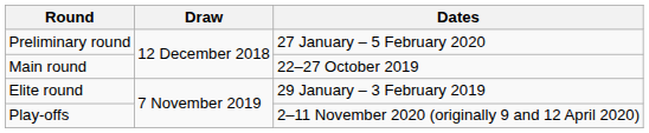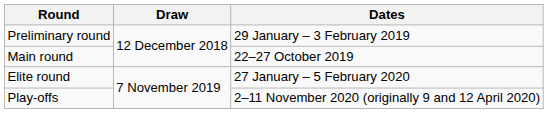 <table class="wikitable">
 <tr>
 <th>Round</th>
 <th>Draw</th>
 <th>Dates</th>
 </tr>
 <tr>
 <td>Preliminary round</td>
 <td rowspan=2>12 December 2018</td>
-<td>27 January – 5 February 2020</td>
+<td>29 January – 3 February 2019</td>
 </tr>
 <tr>
 <td>Main round</td>
 <td>22–27 October 2019</td>
 </tr>
 <tr>
 <td>Elite round</td>
 <td rowspan=2>7 November 2019</td>
-<td>29 January – 3 February 2019</td>
+<td>27 January – 5 February 2020</td>
 </tr>
 <tr>
 <td>Play-offs</td>
 <td>2–11 November 2020 (originally 9 and 12 April 2020)</td>
 </tr>
 </table>
